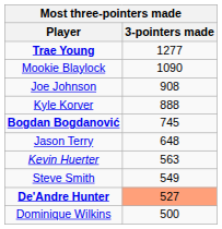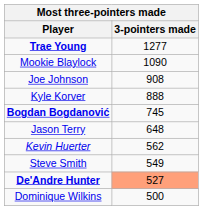 <table class="wikitable sortable" style="text-align:center">
 <tr>
 <th colspan="2">Most three-pointers made</th>
 </tr>
 <tr>
 <th>Player</th>
 <th>3-pointers made</th>
 </tr>
 <tr>
 <td><strong><a href='#'>Trae Young</a></strong></td>
 <td>1277</td>
 </tr>
 <tr>
 <td><a href='#'>Mookie Blaylock</a></td>
 <td>1090</td>
 </tr>
 <tr>
 <td><a href='#'>Joe Johnson</a></td>
 <td>908</td>
 </tr>
 <tr>
 <td><a href='#'>Kyle Korver</a></td>
 <td>888</td>
 </tr>
 <tr>
 <td><strong><a href='#'>Bogdan Bogdanović</a></strong></td>
 <td>745</td>
 </tr>
 <tr>
 <td><a href='#'>Jason Terry</a></td>
 <td>648</td>
 </tr>
 <tr>
 <td><em><a href='#'>Kevin Huerter</a></em></td>
-<td>563</td>
+<td>562</td>
 </tr>
 <tr>
 <td><a href='#'>Steve Smith</a></td>
 <td>549</td>
 </tr>
 <tr>
 <td><strong><a href='#'>De'Andre Hunter</a></strong></td>
 <td style="background: lightsalmon;">527</td>
 </tr>
 <tr>
 <td><a href='#'>Dominique Wilkins</a></td>
 <td>500</td>
 </tr>
 </table>
